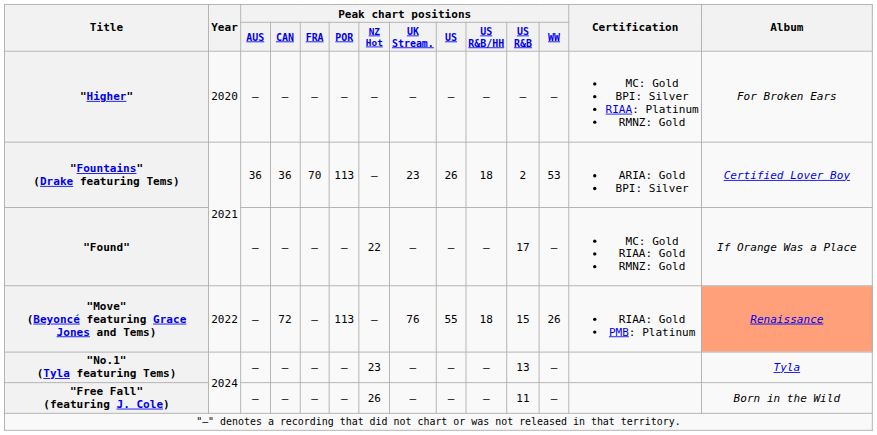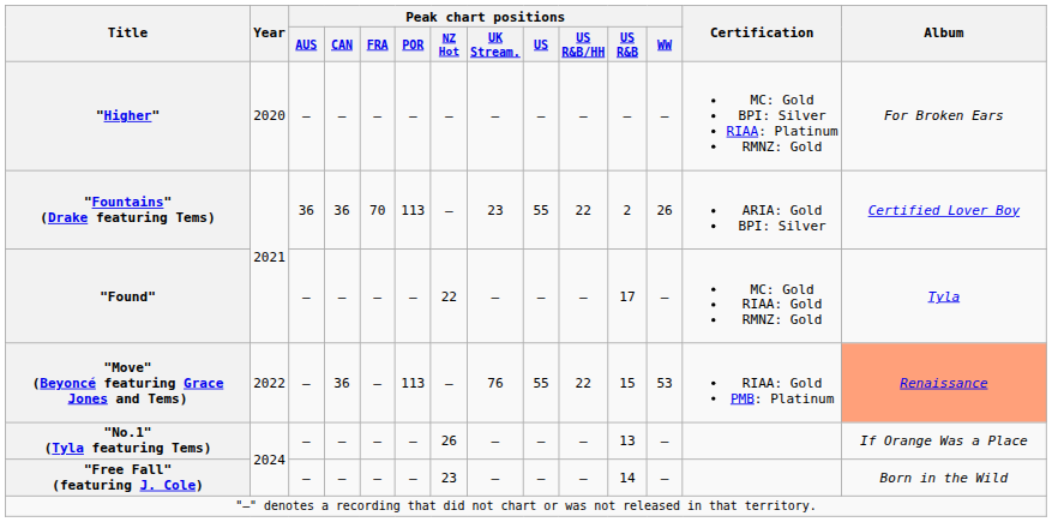 <table class="wikitable plainrowheaders" style="text-align:center;">
 <tr>
 <th scope="col" rowspan="2" style="width:18em;">Title</th>
 <th scope="col" rowspan="2" style="width:1em;">Year</th>
 <th scope="col" colspan="10">Peak chart positions</th>
 <th scope="col" rowspan="2">Certification</th>
 <th scope="col" rowspan="2" style="width:15em;">Album</th>
 </tr>
 <tr>
 <th scope="col" style="width:2.5em;font-size:90%;"><a href='#'>AUS</a><br></th>
 <th scope="col" style="width:2.5em;font-size:90%;"><a href='#'>CAN</a><br></th>
 <th scope="col" style="width:2.5em;font-size:90%;"><a href='#'>FRA</a><br></th>
 <th scope="col" style="width:2.5em;font-size:90%;"><a href='#'>POR</a><br></th>
 <th scope="col" style="width:2.75em;font-size:85%;"><a href='#'>NZ<br>Hot</a><br></th>
 <th scope="col" style="width:3em;font-size:90%;"><a href='#'>UK<br>Stream.</a><br></th>
 <th scope="col" style="width:2.5em;font-size:90%;"><a href='#'>US</a><br></th>
 <th scope="col" style="width:2.8em;font-size:90%;"><a href='#'>US<br>R&B/HH</a><br></th>
 <th scope="col" style="width:2.8em;font-size:90%;"><a href='#'>US<br>R&B</a><br></th>
 <th scope="col" style="width:2.5em;font-size:90%;"><a href='#'>WW</a><br></th>
 </tr>
 <tr>
 <th scope="row">"<a href='#'>Higher</a>"</th>
 <td>2020</td>
 <td>—</td>
 <td>—</td>
 <td>—</td>
 <td>—</td>
 <td>—</td>
 <td>—</td>
 <td>—</td>
 <td>—</td>
 <td>—</td>
 <td>—</td>
 <td><br><ul><li>MC: Gold</li><li>BPI: Silver</li><li><a href='#'>RIAA</a>: Platinum</li><li>RMNZ: Gold</li></ul></td>
 <td><em>For Broken Ears</em></td>
 </tr>
 <tr>
 <th scope="row">"<a href='#'>Fountains</a>"<br><span>(<a href='#'>Drake</a> featuring Tems)</span></th>
 <td rowspan="2">2021</td>
 <td>36</td>
 <td>36</td>
 <td>70</td>
 <td>113</td>
 <td>—</td>
 <td>23</td>
+<td>55</td>
+<td>22</td>
+<td>2</td>
 <td>26</td>
-<td>18</td>
-<td>2</td>
-<td>53</td>
 <td><br><ul><li>ARIA: Gold</li><li>BPI: Silver</li></ul></td>
 <td><em><a href='#'>Certified Lover Boy</a></em></td>
 </tr>
 <tr>
 <th scope="row">"Found"<br></th>
 <td>—</td>
 <td>—</td>
 <td>—</td>
 <td>—</td>
 <td>22</td>
 <td>—</td>
 <td>—</td>
 <td>—</td>
 <td>17</td>
 <td>—</td>
 <td><br><ul><li>MC: Gold</li><li>RIAA: Gold</li><li>RMNZ: Gold</li></ul></td>
-<td><em>If Orange Was a Place</em></td>
+<td><em><a href='#'>Tyla</a></em></td>
 </tr>
 <tr>
 <th scope="row">"Move"<br><span>(<a href='#'>Beyoncé</a> featuring <a href='#'>Grace Jones</a> and Tems)</span></th>
 <td>2022</td>
 <td>—</td>
-<td>72</td>
+<td>36</td>
 <td>—</td>
 <td>113</td>
 <td>—</td>
 <td>76</td>
 <td>55</td>
-<td>18</td>
+<td>22</td>
 <td>15</td>
-<td>26</td>
+<td>53</td>
 <td><br><ul><li>RIAA: Gold</li><li><a href='#'>PMB</a>: Platinum</li></ul></td>
 <td style="background: lightsalmon;"><em><a href='#'>Renaissance</a></em></td>
 </tr>
 <tr>
 <th scope="row">"No.1"<br><span>(<a href='#'>Tyla</a> featuring Tems)</span></th>
 <td rowspan="2">2024</td>
 <td>—</td>
 <td>—</td>
 <td>—</td>
 <td>—</td>
-<td>23</td>
+<td>26</td>
 <td>—</td>
 <td>—</td>
 <td>—</td>
 <td>13</td>
 <td>—</td>
 <td></td>
-<td><em><a href='#'>Tyla</a></em></td>
+<td><em>If Orange Was a Place</em></td>
 </tr>
 <tr>
 <th scope="row">"Free Fall"<br><span>(featuring <a href='#'>J. Cole</a>)</span></th>
 <td>—</td>
 <td>—</td>
 <td>—</td>
 <td>—</td>
-<td>26</td>
+<td>23</td>
 <td>—</td>
 <td>—</td>
 <td>—</td>
-<td>11</td>
+<td>14</td>
 <td>—</td>
 <td></td>
 <td><em>Born in the Wild</em></td>
 </tr>
 <tr>
 <td colspan="15" style="font-size:90%">"—" denotes a recording that did not chart or was not released in that territory.</td>
 </tr>
 </table>
